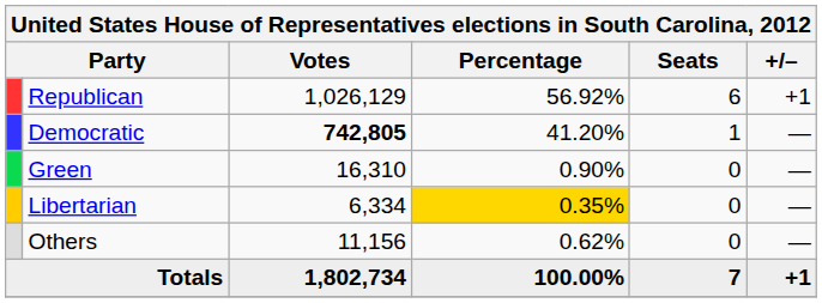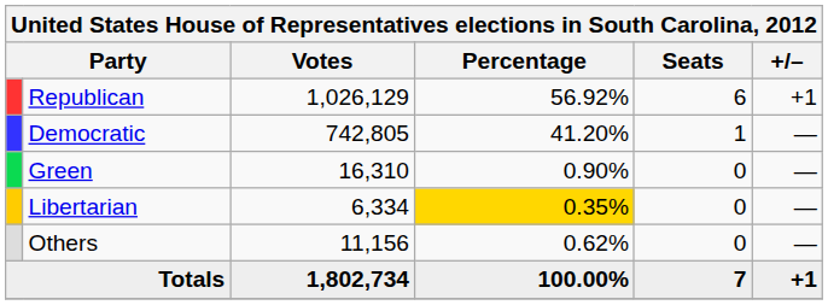 <table class="wikitable" style="font-size: 95%;">
 <tr>
 <th colspan="6">United States House of Representatives elections in South Carolina, 2012</th>
 </tr>
 <tr>
 <th colspan=2>Party</th>
 <th>Votes</th>
 <th>Percentage</th>
 <th>Seats</th>
 <th>+/–</th>
 </tr>
 <tr>
 <th style="background-color:#FF3333"></th>
 <td><a href='#'>Republican</a></td>
 <td align="right">1,026,129</td>
 <td align="right">56.92%</td>
 <td align="right">6</td>
 <td align="right">+1</td>
 </tr>
 <tr>
 <th style="background-color:#3333FF"></th>
 <td><a href='#'>Democratic</a></td>
-<td align="right"><strong>742,805</strong></td>
+<td align="right">742,805</td>
 <td align="right">41.20%</td>
 <td align="right">1</td>
 <td align="right">—</td>
 </tr>
 <tr>
 <th style="background-color:#0BDA51"></th>
 <td><a href='#'>Green</a></td>
 <td align="right">16,310</td>
 <td align="right">0.90%</td>
 <td align="right">0</td>
 <td align="right">—</td>
 </tr>
 <tr>
 <th style="background-color:#FFCC00"></th>
 <td><a href='#'>Libertarian</a></td>
 <td align="right">6,334</td>
 <td align="right" style="background: gold;">0.35%</td>
 <td align="right">0</td>
 <td align="right">—</td>
 </tr>
 <tr>
 <th style="background-color:#DDDDDD"></th>
 <td>Others</td>
 <td align="right">11,156</td>
 <td align="right">0.62%</td>
 <td align="right">0</td>
 <td align="right">—</td>
 </tr>
 <tr bgcolor="#EEEEEE">
 <td colspan="2" align="right"><strong>Totals</strong></td>
 <td align="right"><strong>1,802,734</strong></td>
 <td align="right"><strong>100.00%</strong></td>
 <td align="right"><strong>7</strong></td>
 <td align="right"><strong>+1</strong></td>
 </tr>
 <tr bgcolor="#EEEEEE">
 </tr>
 </table>
